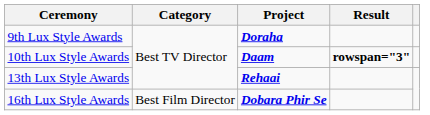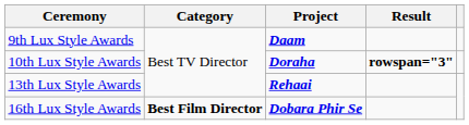 <table class="wikitable style">
 <tr>
 <th>Ceremony</th>
 <th>Category</th>
 <th>Project</th>
 <th>Result</th>
 <th></th>
 </tr>
 <tr>
 <td><a href='#'>9th Lux Style Awards</a></td>
 <td rowspan="3">Best TV Director</td>
-<td><strong><em><a href='#'>Doraha</a></em></strong></td>
+<td><strong><em><a href='#'>Daam</a></em></strong></td>
 <td></td>
 <td></td>
 </tr>
 <tr>
 <td><a href='#'>10th Lux Style Awards</a></td>
-<td><strong><em><a href='#'>Daam</a></em></strong></td>
+<td><strong><em><a href='#'>Doraha</a></em></strong></td>
 <td><strong>rowspan="3" </strong></td>
 <td></td>
 </tr>
 <tr>
 <td><a href='#'>13th Lux Style Awards</a></td>
 <td><strong><em><a href='#'>Rehaai</a></em></strong></td>
 <td></td>
 </tr>
 <tr>
 <td><a href='#'>16th Lux Style Awards</a></td>
-<td>Best Film Director</td>
+<td><strong>Best Film Director</strong></td>
 <td><strong><em><a href='#'>Dobara Phir Se</a></em></strong></td>
 <td></td>
 </tr>
 </table>
